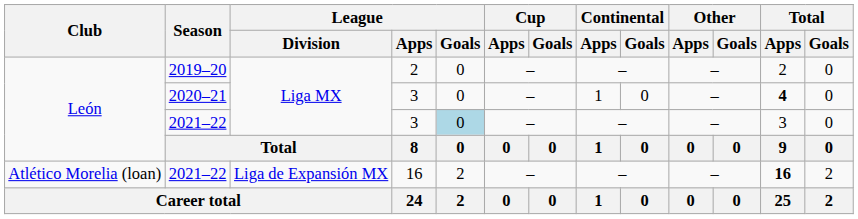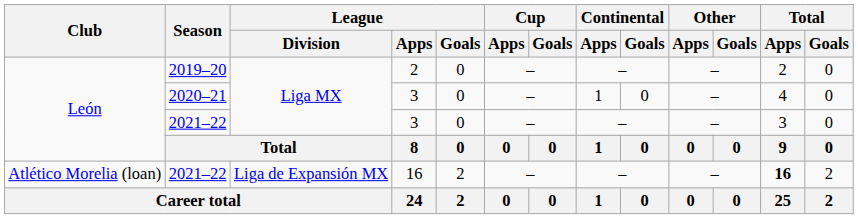 <table class="wikitable" style="text-align: center">
 <tr>
 <th rowspan="2">Club</th>
 <th rowspan="2">Season</th>
 <th colspan="3">League</th>
 <th colspan="2">Cup</th>
 <th colspan="2">Continental</th>
 <th colspan="2">Other</th>
 <th colspan="2">Total</th>
 </tr>
 <tr>
 <th>Division</th>
 <th>Apps</th>
 <th>Goals</th>
 <th>Apps</th>
 <th>Goals</th>
 <th>Apps</th>
 <th>Goals</th>
 <th>Apps</th>
 <th>Goals</th>
 <th>Apps</th>
 <th>Goals</th>
 </tr>
 <tr>
 <td rowspan="4"><a href='#'>León</a></td>
 <td><a href='#'>2019–20</a></td>
 <td rowspan="3"><a href='#'>Liga MX</a></td>
 <td>2</td>
 <td>0</td>
 <td colspan="2">–</td>
 <td colspan="2">–</td>
 <td colspan="2">–</td>
 <td>2</td>
 <td>0</td>
 </tr>
 <tr>
 <td><a href='#'>2020–21</a></td>
 <td>3</td>
 <td>0</td>
 <td colspan="2">–</td>
 <td>1</td>
 <td>0</td>
 <td colspan="2">–</td>
-<td><strong>4</strong></td>
+<td>4</td>
 <td>0</td>
 </tr>
 <tr>
 <td><a href='#'>2021–22</a></td>
 <td>3</td>
-<td style="background: lightblue;">0</td>
+<td>0</td>
 <td colspan="2">–</td>
 <td colspan="2">–</td>
 <td colspan="2">–</td>
 <td>3</td>
 <td>0</td>
 </tr>
 <tr>
 <th colspan="2">Total</th>
 <th>8</th>
 <th>0</th>
 <th>0</th>
 <th>0</th>
 <th>1</th>
 <th>0</th>
 <th>0</th>
 <th>0</th>
 <th>9</th>
 <th>0</th>
 </tr>
 <tr>
 <td><a href='#'>Atlético Morelia</a> (loan)</td>
 <td><a href='#'>2021–22</a></td>
 <td><a href='#'>Liga de Expansión MX</a></td>
 <td>16</td>
 <td>2</td>
 <td colspan="2">–</td>
 <td colspan="2">–</td>
 <td colspan="2">–</td>
 <td><strong>16</strong></td>
 <td>2</td>
 </tr>
 <tr>
 <th colspan="3"><strong>Career total</strong></th>
 <th>24</th>
 <th>2</th>
 <th>0</th>
 <th>0</th>
 <th>1</th>
 <th>0</th>
 <th>0</th>
 <th>0</th>
 <th>25</th>
 <th>2</th>
 </tr>
 </table>
